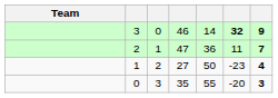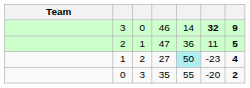 <table class="wikitable" style="text-align:center;">
 <tr>
 <th style="width:10.5em;">Team</th>
 <th style="width:1.5em;"></th>
 <th style="width:1.5em;"></th>
 <th style="width:2.0em;"></th>
 <th style="width:2.0em;"></th>
 <th style="width:2.0em;"></th>
 <th style="width:1.5em;"></th>
 </tr>
 <tr bgcolor="#cfc">
 <td align="left"></td>
 <td>3</td>
 <td>0</td>
 <td>46</td>
 <td>14</td>
 <td><strong>32</strong></td>
 <td><strong>9</strong></td>
 </tr>
 <tr bgcolor="#cfc">
 <td align="left"></td>
 <td>2</td>
 <td>1</td>
 <td>47</td>
 <td>36</td>
 <td>11</td>
-<td><strong>7</strong></td>
+<td><strong>5</strong></td>
 </tr>
 <tr>
 <td align="left"></td>
 <td>1</td>
 <td>2</td>
 <td>27</td>
-<td>50</td>
+<td style="background: paleturquoise;">50</td>
 <td>-23</td>
 <td><strong>4</strong></td>
 </tr>
 <tr>
 <td align="left"></td>
 <td>0</td>
 <td>3</td>
 <td>35</td>
 <td>55</td>
 <td>-20</td>
-<td><strong>3</strong></td>
+<td><strong>2</strong></td>
 </tr>
 </table>
